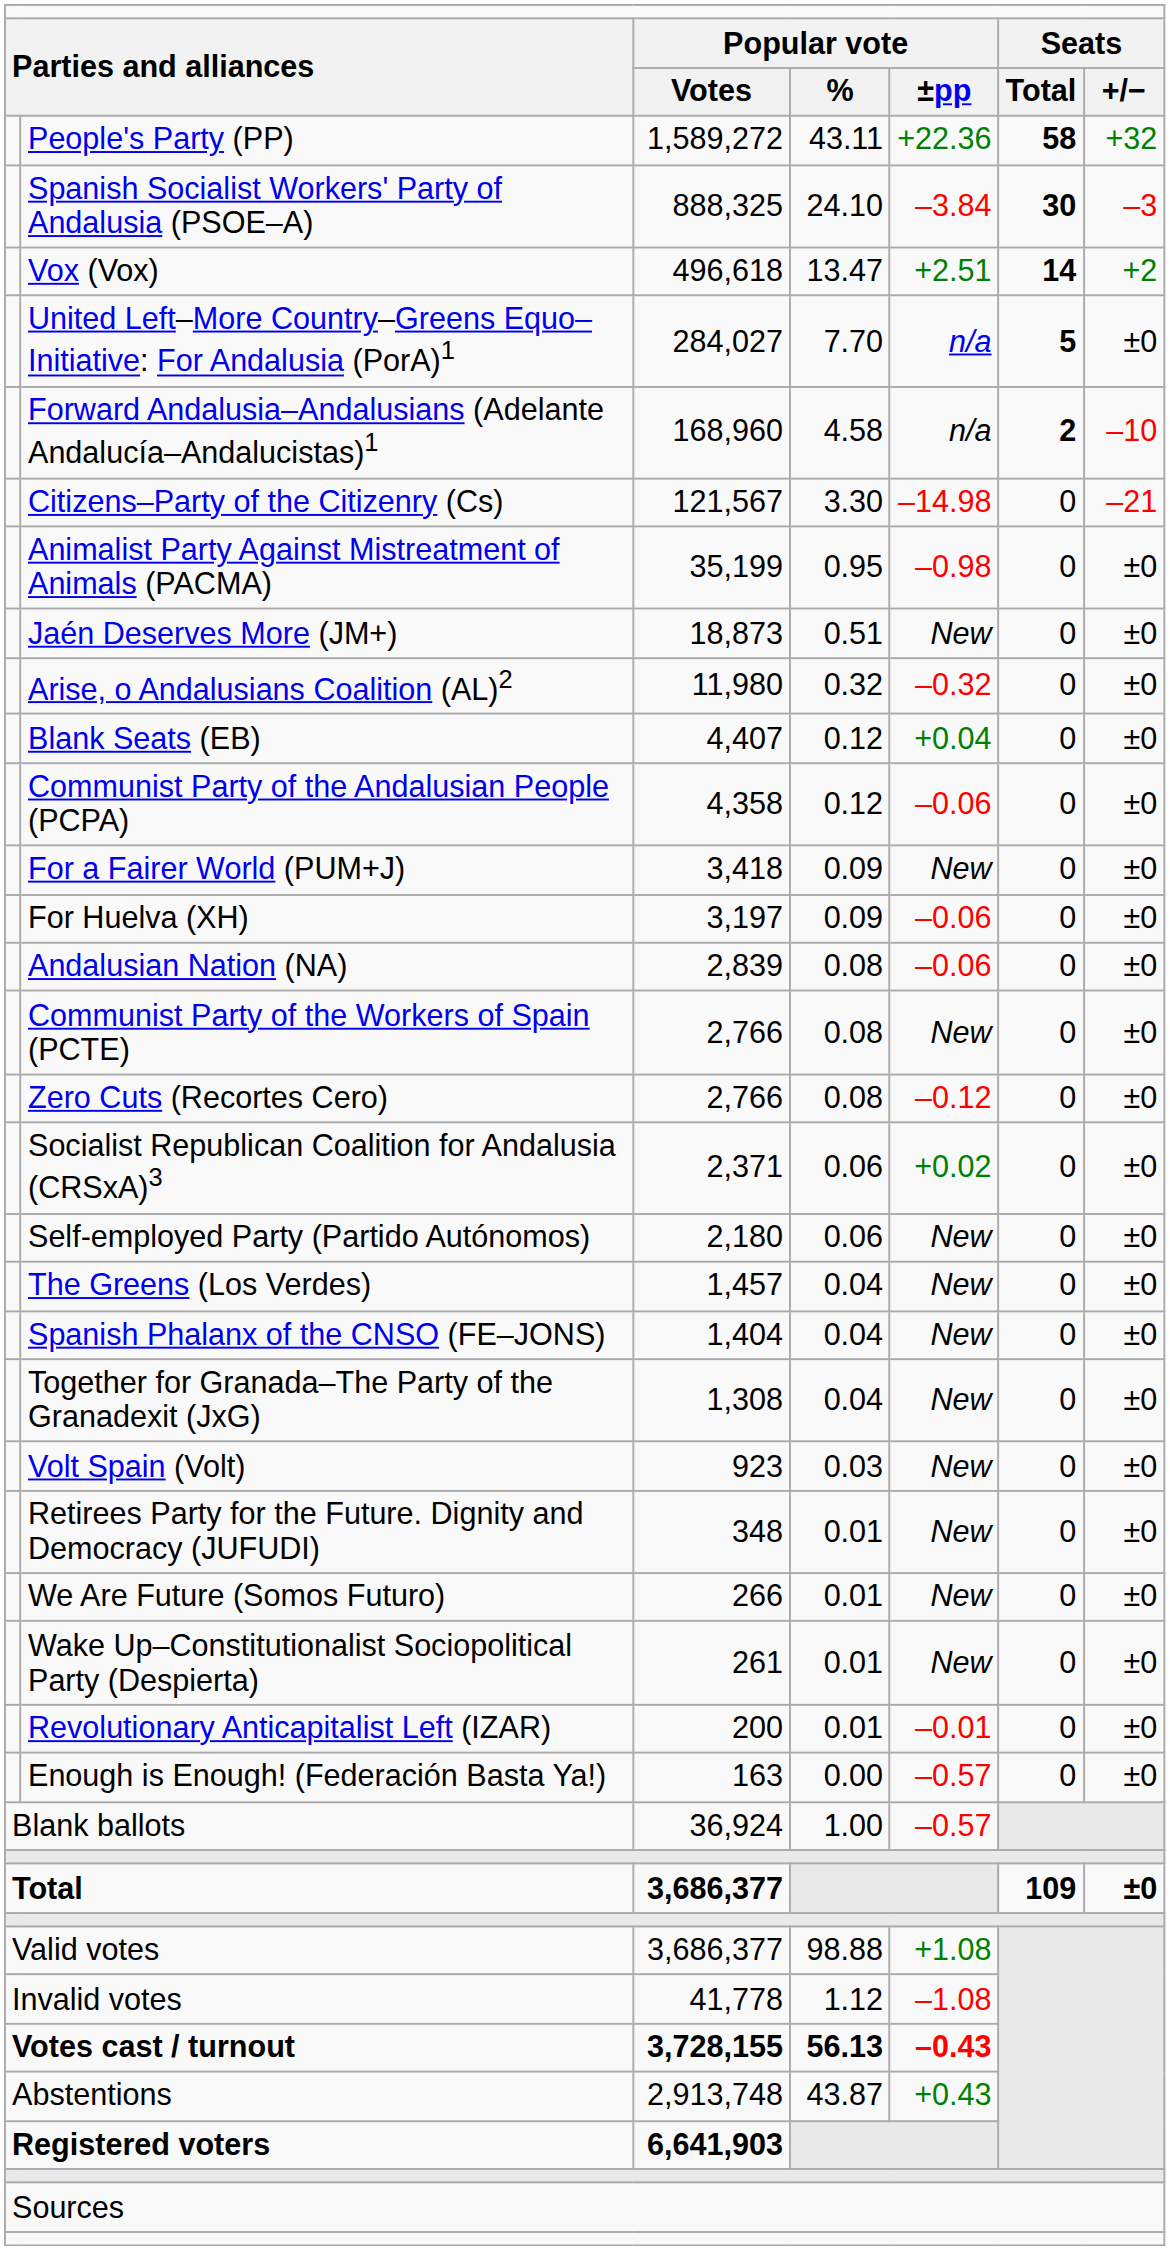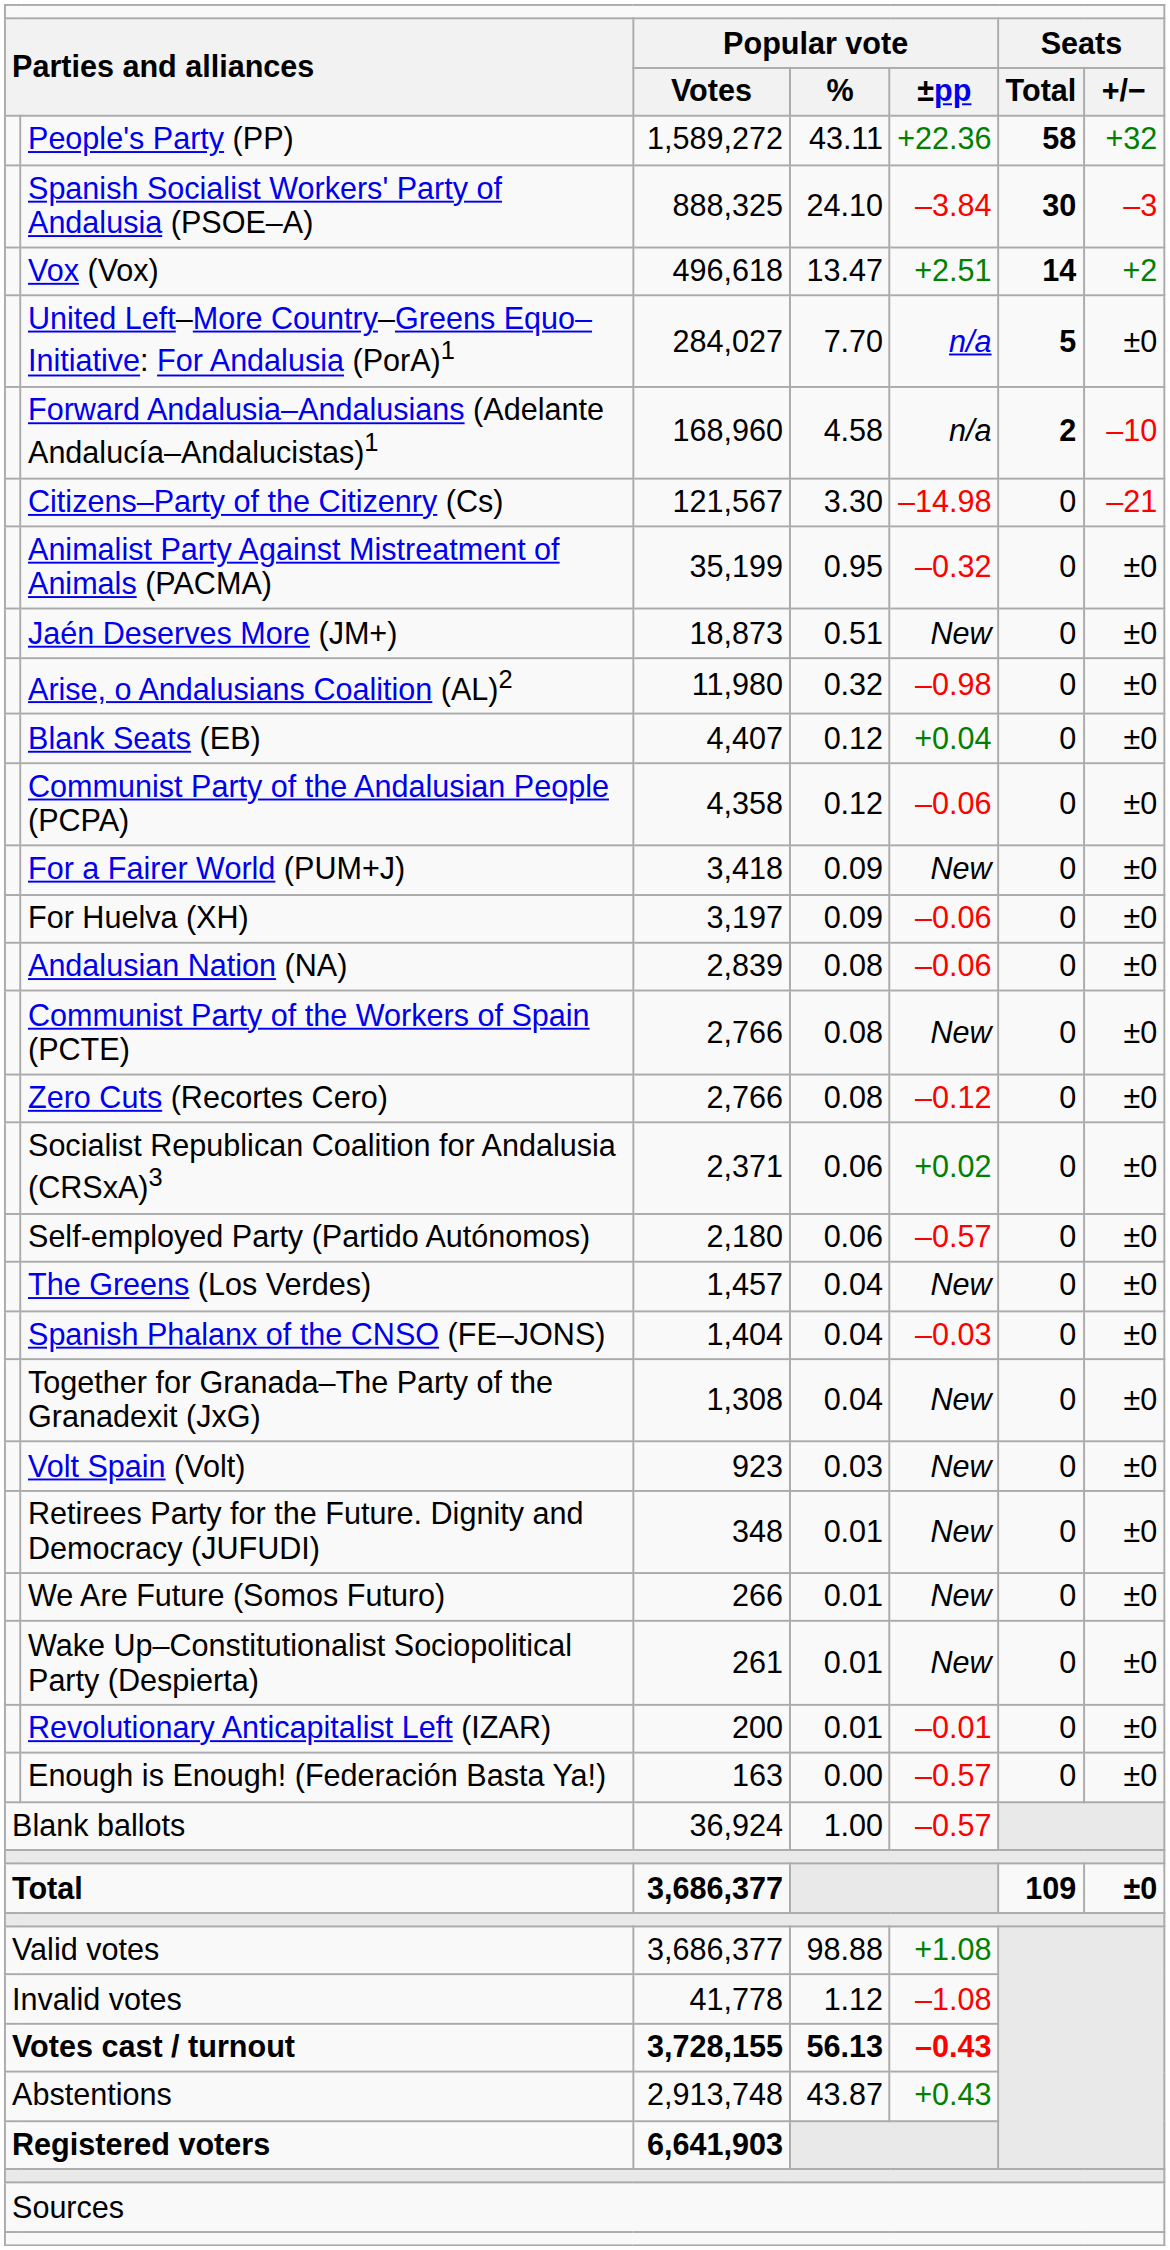 <table class="wikitable" style="text-align:right;">
 <tr>
 <td colspan="7"></td>
 </tr>
 <tr>
 <th style="text-align:left;" rowspan="2" colspan="2" width="525">Parties and alliances</th>
 <th colspan="3">Popular vote</th>
 <th colspan="2">Seats</th>
 </tr>
 <tr>
 <th width="75">Votes</th>
 <th width="45">%</th>
 <th width="45">±<a href='#'>pp</a></th>
 <th width="35">Total</th>
 <th width="35">+/−</th>
 </tr>
 <tr>
 <td width="1" style="color:inherit;background:"></td>
 <td align="left"><a href='#'>People's Party</a> (PP)</td>
 <td>1,589,272</td>
 <td>43.11</td>
 <td style="color:green;">+22.36</td>
 <td><strong>58</strong></td>
 <td style="color:green;">+32</td>
 </tr>
 <tr>
 <td style="color:inherit;background:"></td>
 <td align="left"><a href='#'>Spanish Socialist Workers' Party of Andalusia</a> (PSOE–A)</td>
 <td>888,325</td>
 <td>24.10</td>
 <td style="color:red;">–3.84</td>
 <td><strong>30</strong></td>
 <td style="color:red;">–3</td>
 </tr>
 <tr>
 <td style="color:inherit;background:"></td>
 <td align="left"><a href='#'>Vox</a> (Vox)</td>
 <td>496,618</td>
 <td>13.47</td>
 <td style="color:green;">+2.51</td>
 <td><strong>14</strong></td>
 <td style="color:green;">+2</td>
 </tr>
 <tr>
 <td style="color:inherit;background:"></td>
 <td align="left"><a href='#'>United Left</a>–<a href='#'>More Country</a>–<a href='#'>Greens Equo–Initiative</a>: <a href='#'>For Andalusia</a> (PorA)<sup>1</sup></td>
 <td>284,027</td>
 <td>7.70</td>
 <td><em><a href='#'>n/a</a></em></td>
 <td><strong>5</strong></td>
 <td>±0</td>
 </tr>
 <tr>
 <td style="color:inherit;background:"></td>
 <td align="left"><a href='#'>Forward Andalusia–Andalusians</a> (Adelante Andalucía–Andalucistas)<sup>1</sup></td>
 <td>168,960</td>
 <td>4.58</td>
 <td><em>n/a</em></td>
 <td><strong>2</strong></td>
 <td style="color:red;">–10</td>
 </tr>
 <tr>
 <td style="color:inherit;background:"></td>
 <td align="left"><a href='#'>Citizens–Party of the Citizenry</a> (Cs)</td>
 <td>121,567</td>
 <td>3.30</td>
 <td style="color:red;">–14.98</td>
 <td>0</td>
 <td style="color:red;">–21</td>
 </tr>
 <tr>
 <td style="color:inherit;background:"></td>
 <td align="left"><a href='#'>Animalist Party Against Mistreatment of Animals</a> (PACMA)</td>
 <td>35,199</td>
 <td>0.95</td>
-<td style="color:red;">–0.98</td>
+<td style="color:red;">–0.32</td>
 <td>0</td>
 <td>±0</td>
 </tr>
 <tr>
 <td style="color:inherit;background:"></td>
 <td align="left"><a href='#'>Jaén Deserves More</a> (JM+)</td>
 <td>18,873</td>
 <td>0.51</td>
 <td><em>New</em></td>
 <td>0</td>
 <td>±0</td>
 </tr>
 <tr>
 <td style="color:inherit;background:"></td>
 <td align="left"><a href='#'>Arise, o Andalusians Coalition</a> (AL)<sup>2</sup></td>
 <td>11,980</td>
 <td>0.32</td>
-<td style="color:red;">–0.32</td>
+<td style="color:red;">–0.98</td>
 <td>0</td>
 <td>±0</td>
 </tr>
 <tr>
 <td style="color:inherit;background:"></td>
 <td align="left"><a href='#'>Blank Seats</a> (EB)</td>
 <td>4,407</td>
 <td>0.12</td>
 <td style="color:green;">+0.04</td>
 <td>0</td>
 <td>±0</td>
 </tr>
 <tr>
 <td style="color:inherit;background:"></td>
 <td align="left"><a href='#'>Communist Party of the Andalusian People</a> (PCPA)</td>
 <td>4,358</td>
 <td>0.12</td>
 <td style="color:red;">–0.06</td>
 <td>0</td>
 <td>±0</td>
 </tr>
 <tr>
 <td style="color:inherit;background:"></td>
 <td align="left"><a href='#'>For a Fairer World</a> (PUM+J)</td>
 <td>3,418</td>
 <td>0.09</td>
 <td><em>New</em></td>
 <td>0</td>
 <td>±0</td>
 </tr>
 <tr>
 <td style="color:inherit;background:"></td>
 <td align="left">For Huelva (XH)</td>
 <td>3,197</td>
 <td>0.09</td>
 <td style="color:red;">–0.06</td>
 <td>0</td>
 <td>±0</td>
 </tr>
 <tr>
 <td style="color:inherit;background:"></td>
 <td align="left"><a href='#'>Andalusian Nation</a> (NA)</td>
 <td>2,839</td>
 <td>0.08</td>
 <td style="color:red;">–0.06</td>
 <td>0</td>
 <td>±0</td>
 </tr>
 <tr>
 <td style="color:inherit;background:"></td>
 <td align="left"><a href='#'>Communist Party of the Workers of Spain</a> (PCTE)</td>
 <td>2,766</td>
 <td>0.08</td>
 <td><em>New</em></td>
 <td>0</td>
 <td>±0</td>
 </tr>
 <tr>
 <td style="color:inherit;background:"></td>
 <td align="left"><a href='#'>Zero Cuts</a> (Recortes Cero)</td>
 <td>2,766</td>
 <td>0.08</td>
 <td style="color:red;">–0.12</td>
 <td>0</td>
 <td>±0</td>
 </tr>
 <tr>
 <td style="color:inherit;background:"></td>
 <td align="left">Socialist Republican Coalition for Andalusia (CRSxA)<sup>3</sup></td>
 <td>2,371</td>
 <td>0.06</td>
 <td style="color:green;">+0.02</td>
 <td>0</td>
 <td>±0</td>
 </tr>
 <tr>
 <td style="color:inherit;background:"></td>
 <td align="left">Self-employed Party (Partido Autónomos)</td>
 <td>2,180</td>
 <td>0.06</td>
-<td><em>New</em></td>
+<td style="color:red;">–0.57</td>
 <td>0</td>
 <td>±0</td>
 </tr>
 <tr>
 <td style="color:inherit;background:"></td>
 <td align="left"><a href='#'>The Greens</a> (Los Verdes)</td>
 <td>1,457</td>
 <td>0.04</td>
 <td><em>New</em></td>
 <td>0</td>
 <td>±0</td>
 </tr>
 <tr>
 <td style="color:inherit;background:"></td>
 <td align="left"><a href='#'>Spanish Phalanx of the CNSO</a> (FE–JONS)</td>
 <td>1,404</td>
 <td>0.04</td>
-<td><em>New</em></td>
+<td style="color:red;">–0.03</td>
 <td>0</td>
 <td>±0</td>
 </tr>
 <tr>
 <td style="color:inherit;background:"></td>
 <td align="left">Together for Granada–The Party of the Granadexit (JxG)</td>
 <td>1,308</td>
 <td>0.04</td>
 <td><em>New</em></td>
 <td>0</td>
 <td>±0</td>
 </tr>
 <tr>
 <td style="color:inherit;background:"></td>
 <td align="left"><a href='#'>Volt Spain</a> (Volt)</td>
 <td>923</td>
 <td>0.03</td>
 <td><em>New</em></td>
 <td>0</td>
 <td>±0</td>
 </tr>
 <tr>
 <td style="color:inherit;background:"></td>
 <td align="left">Retirees Party for the Future. Dignity and Democracy (JUFUDI)</td>
 <td>348</td>
 <td>0.01</td>
 <td><em>New</em></td>
 <td>0</td>
 <td>±0</td>
 </tr>
 <tr>
 <td style="color:inherit;background:"></td>
 <td align="left">We Are Future (Somos Futuro)</td>
 <td>266</td>
 <td>0.01</td>
 <td><em>New</em></td>
 <td>0</td>
 <td>±0</td>
 </tr>
 <tr>
 <td style="color:inherit;background:"></td>
 <td align="left">Wake Up–Constitutionalist Sociopolitical Party (Despierta)</td>
 <td>261</td>
 <td>0.01</td>
 <td><em>New</em></td>
 <td>0</td>
 <td>±0</td>
 </tr>
 <tr>
 <td style="color:inherit;background:"></td>
 <td align="left"><a href='#'>Revolutionary Anticapitalist Left</a> (IZAR)</td>
 <td>200</td>
 <td>0.01</td>
 <td style="color:red;">–0.01</td>
 <td>0</td>
 <td>±0</td>
 </tr>
 <tr>
 <td style="color:inherit;background:"></td>
 <td align="left">Enough is Enough! (Federación Basta Ya!)</td>
 <td>163</td>
 <td>0.00</td>
 <td style="color:red;">–0.57</td>
 <td>0</td>
 <td>±0</td>
 </tr>
 <tr>
 <td align="left" colspan="2">Blank ballots</td>
 <td>36,924</td>
 <td>1.00</td>
 <td style="color:red;">–0.57</td>
 <td bgcolor="#E9E9E9" colspan="2"></td>
 </tr>
 <tr>
 <td colspan="7" bgcolor="#E9E9E9"></td>
 </tr>
 <tr style="font-weight:bold;">
 <td align="left" colspan="2">Total</td>
 <td>3,686,377</td>
 <td bgcolor="#E9E9E9" colspan="2"></td>
 <td>109</td>
 <td>±0</td>
 </tr>
 <tr>
 <td colspan="7" bgcolor="#E9E9E9"></td>
 </tr>
 <tr>
 <td align="left" colspan="2">Valid votes</td>
 <td>3,686,377</td>
 <td>98.88</td>
 <td style="color:green;">+1.08</td>
 <td bgcolor="#E9E9E9" colspan="2" rowspan="5"></td>
 </tr>
 <tr>
 <td align="left" colspan="2">Invalid votes</td>
 <td>41,778</td>
 <td>1.12</td>
 <td style="color:red;">–1.08</td>
 </tr>
 <tr style="font-weight:bold;">
 <td align="left" colspan="2">Votes cast / turnout</td>
 <td>3,728,155</td>
 <td>56.13</td>
 <td style="color:red;">–0.43</td>
 </tr>
 <tr>
 <td align="left" colspan="2">Abstentions</td>
 <td>2,913,748</td>
 <td>43.87</td>
 <td style="color:green;">+0.43</td>
 </tr>
 <tr style="font-weight:bold;">
 <td align="left" colspan="2">Registered voters</td>
 <td>6,641,903</td>
 <td bgcolor="#E9E9E9" colspan="2"></td>
 </tr>
 <tr>
 <td colspan="7" bgcolor="#E9E9E9"></td>
 </tr>
 <tr>
 <td align="left" colspan="7">Sources</td>
 </tr>
 <tr>
 <td colspan="7" style="text-align:left; max-width:790px;"></td>
 </tr>
 </table>
